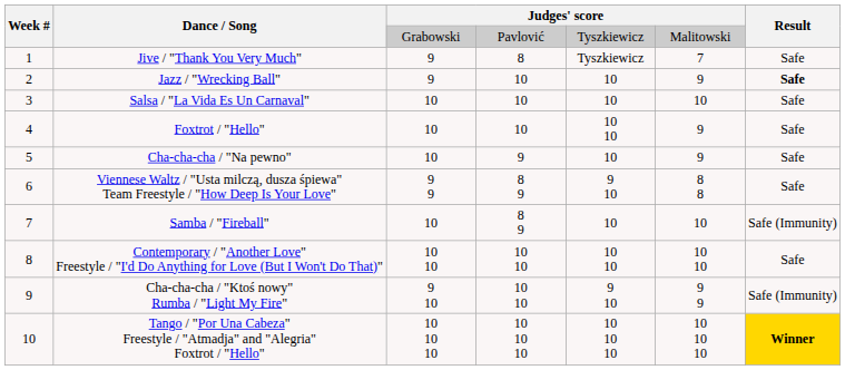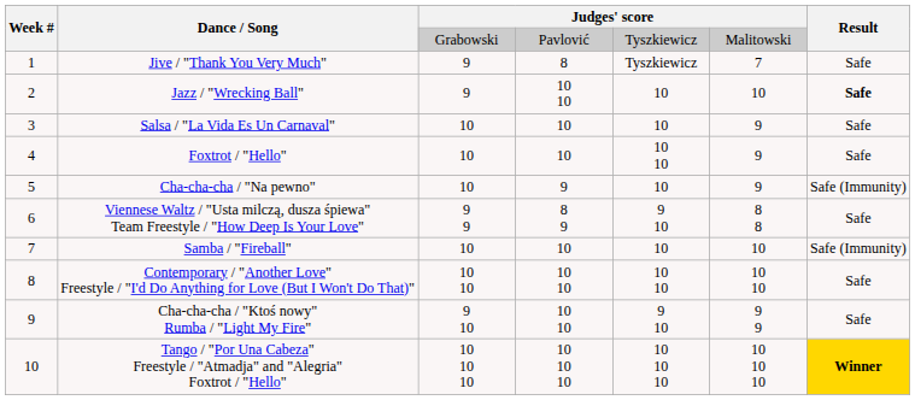 <table class="wikitable" style="text-align:center">
 <tr style="text-align:Center; background:#ccc;">
 <th rowspan="2">Week #</th>
 <th rowspan="2">Dance / Song</th>
 <th colspan="4">Judges' score</th>
 <th rowspan="2">Result</th>
 </tr>
 <tr style="text-align:center; background:#ccc;">
 <td style="width:10.75%; ">Grabowski</td>
 <td style="width:10.75%; ">Pavlović</td>
 <td style="width:10.75%; ">Tyszkiewicz</td>
 <td style="width:10.75%; ">Malitowski</td>
 </tr>
 <tr style="text-align:center; background:#faf6f6;">
 <td>1</td>
 <td><a href='#'>Jive</a> / "<a href='#'>Thank You Very Much</a>"</td>
 <td>9</td>
 <td>8</td>
 <td style="width:10.75%; ">Tyszkiewicz</td>
 <td>7</td>
 <td>Safe</td>
 </tr>
 <tr style="text-align:center; background:#faf6f6;">
 <td>2</td>
 <td><a href='#'>Jazz</a> / "<a href='#'>Wrecking Ball</a>"</td>
 <td>9</td>
+<td>10<br>10</td>
 <td>10</td>
 <td>10</td>
-<td>9</td>
 <td><strong>Safe</strong></td>
 </tr>
 <tr style="text-align:center; background:#faf6f6;">
 <td>3</td>
 <td><a href='#'>Salsa</a> / "<a href='#'>La Vida Es Un Carnaval</a>"</td>
 <td>10</td>
 <td>10</td>
 <td>10</td>
-<td>10</td>
+<td>9</td>
 <td>Safe</td>
 </tr>
 <tr style="text-align:center; background:#faf6f6; background:#faf6f6;">
 <td style="test-align:center' ">4</td>
 <td><a href='#'>Foxtrot</a> / "<a href='#'>Hello</a>"</td>
 <td>10</td>
 <td>10</td>
 <td>10<br>10</td>
 <td>9</td>
 <td>Safe</td>
 </tr>
 <tr style="text-align:center; background:#faf6f6; background:#faf6f6;">
 <td style="test-align:center' ">5</td>
 <td><a href='#'>Cha-cha-cha</a> / "Na pewno"</td>
 <td>10</td>
 <td>9</td>
 <td>10</td>
 <td>9</td>
-<td>Safe</td>
+<td>Safe (Immunity)</td>
 </tr>
 <tr style="text-align:center; background:#faf6f6; background:#faf6f6;">
 <td style="test-align:center' ">6</td>
 <td><a href='#'>Viennese Waltz</a> / "Usta milczą, dusza śpiewa"<br>Team Freestyle / "<a href='#'>How Deep Is Your Love</a>"</td>
 <td>9<br>9</td>
 <td>8<br>9</td>
 <td>9<br>10</td>
 <td>8<br>8</td>
 <td>Safe</td>
 </tr>
 <tr style="text-align:center; background:#faf6f6; background:#faf6f6;">
 <td style="test-align:center' ">7</td>
 <td><a href='#'>Samba</a> / "<a href='#'>Fireball</a>"</td>
 <td>10</td>
-<td>8<br>9</td>
+<td>10</td>
 <td>10</td>
 <td>10</td>
 <td>Safe (Immunity)</td>
 </tr>
 <tr style="text-align:center; background:#faf6f6; background:#faf6f6;">
 <td style="test-align:center' ">8</td>
 <td><a href='#'>Contemporary</a> / "<a href='#'>Another Love</a>"<br>Freestyle / "<a href='#'>I'd Do Anything for Love (But I Won't Do That)</a>"</td>
 <td>10<br>10</td>
 <td>10<br>10</td>
 <td>10<br>10</td>
 <td>10<br>10</td>
 <td>Safe</td>
 </tr>
 <tr style="text-align:center; background:#faf6f6; background:#faf6f6;">
 <td style="test-align:center' ">9</td>
 <td>Cha-cha-cha / "Ktoś nowy"<br><a href='#'>Rumba</a> / "<a href='#'>Light My Fire</a>"</td>
 <td>9<br>10</td>
 <td>10<br>10</td>
 <td>9<br>10</td>
 <td>9<br>9</td>
-<td>Safe (Immunity)</td>
+<td>Safe</td>
 </tr>
 <tr style="text-align:center; background:#faf6f6; background:#faf6f6;">
 <td style="test-align:center' ">10</td>
 <td><a href='#'>Tango</a> / "<a href='#'>Por Una Cabeza</a>"<br>Freestyle / "Atmadja" and "Alegria"<br>Foxtrot / "<a href='#'>Hello</a>"</td>
 <td>10<br>10<br>10</td>
 <td>10<br>10<br>10</td>
 <td>10<br>10<br>10</td>
 <td>10<br>10<br>10</td>
 <td style="text-align: center; background:gold"><strong>Winner</strong></td>
 </tr>
 </table>
